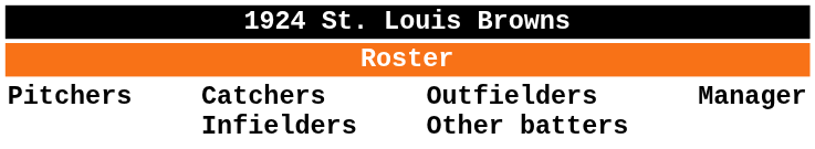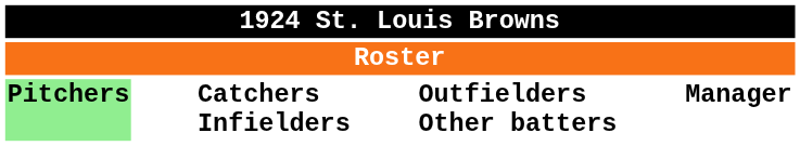 <table class="toccolours" style="font-size: 95%;">
 <tr>
 <th colspan="10" style="background-color: black; color: white; text-align: center;">1924 St. Louis Browns</th>
 </tr>
 <tr>
 <td colspan="10" style="background-color: #F87217; color: white; text-align: center;"><strong>Roster</strong></td>
 </tr>
 <tr>
-<td valign="top"><strong>Pitchers</strong><br>             </td>
+<td valign="top" style="background: lightgreen;"><strong>Pitchers</strong><br>             </td>
 <td width="25px"></td>
 <td valign="top"><strong>Catchers</strong><br>   <strong>Infielders</strong>         </td>
 <td width="25px"></td>
 <td valign="top"><strong>Outfielders</strong><br>      <strong>Other batters</strong> </td>
 <td width="25px"></td>
 <td valign="top"><strong>Manager</strong><br></td>
 </tr>
 <tr>
 </tr>
 </table>
